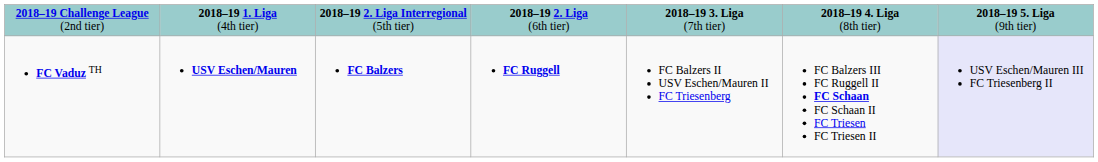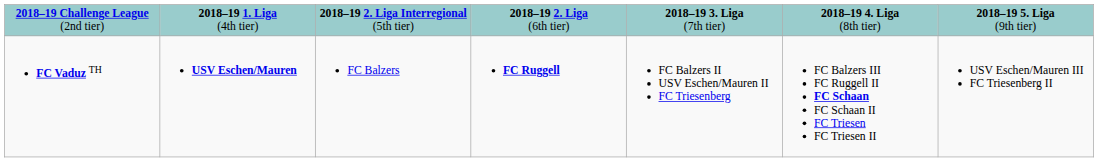 <table class="wikitable">
 <tr valign="top" bgcolor="#99CCCC">
 <td align="center" width="14%"><strong><a href='#'>2018–19 Challenge League</a></strong><br>(2nd tier)</td>
 <td align="center" width="14%"><strong>2018–19 <a href='#'>1. Liga</a></strong><br>(4th tier)</td>
 <td align="center" width="14%"><strong>2018–19 <a href='#'>2. Liga Interregional</a></strong><br>(5th tier)</td>
 <td align="center" width="14%"><strong>2018–19 <a href='#'>2. Liga</a></strong><br>(6th tier)</td>
 <td align="center" width="14%"><strong>2018–19 3. Liga</strong><br>(7th tier)</td>
 <td align="center" width="14%"><strong>2018–19 4. Liga</strong><br>(8th tier)</td>
 <td align="center" width="14%"><strong>2018–19 5. Liga</strong><br>(9th tier)</td>
 </tr>
 <tr valign="top">
 <td><br><ul><li><strong><a href='#'>FC Vaduz</a></strong> <sup>TH</sup></li></ul></td>
 <td><br><ul><li><strong><a href='#'>USV Eschen/Mauren</a></strong></li></ul></td>
-<td><strong><br><ul><li><a href='#'>FC Balzers</a></li></ul></strong></td>
+<td><br><ul><li><a href='#'>FC Balzers</a></li></ul></td>
 <td><br><ul><li><strong><a href='#'>FC Ruggell</a></strong></li></ul></td>
 <td><br><ul><li>FC Balzers II</li><li>USV Eschen/Mauren II</li><li><a href='#'>FC Triesenberg</a></li></ul></td>
 <td><br><ul><li>FC Balzers III</li><li>FC Ruggell II</li><li><strong><a href='#'>FC Schaan</a></strong></li><li>FC Schaan II</li><li><a href='#'>FC Triesen</a></li><li>FC Triesen II</li></ul></td>
-<td style="background: lavender;"><br><ul><li>USV Eschen/Mauren III</li><li>FC Triesenberg II</li></ul></td>
+<td><br><ul><li>USV Eschen/Mauren III</li><li>FC Triesenberg II</li></ul></td>
 </tr>
 </table>
